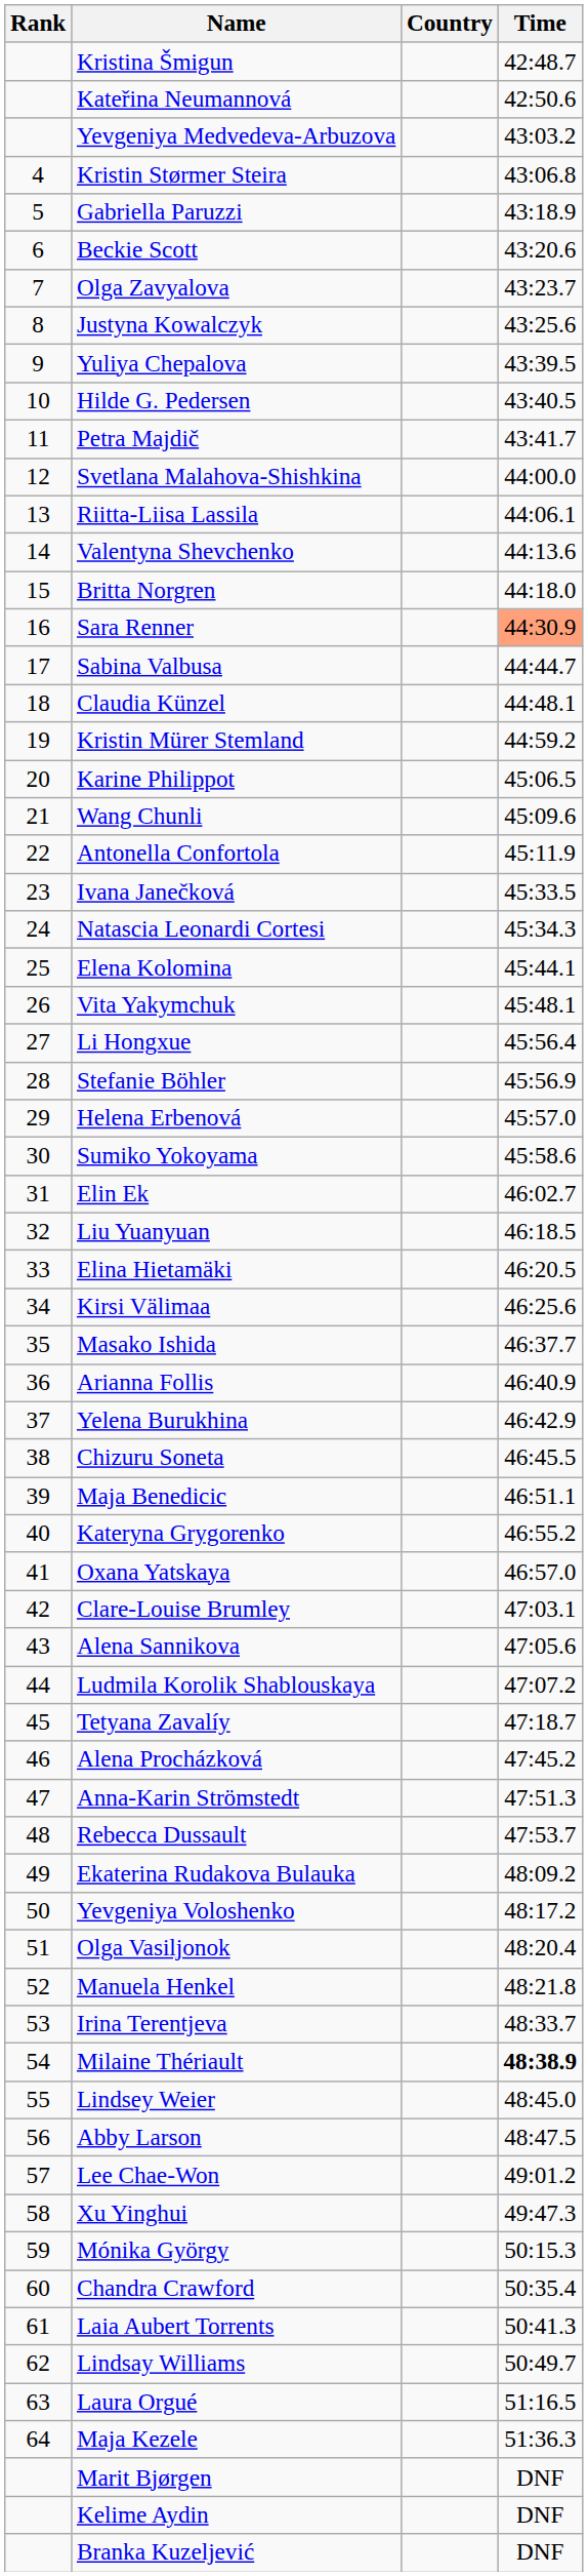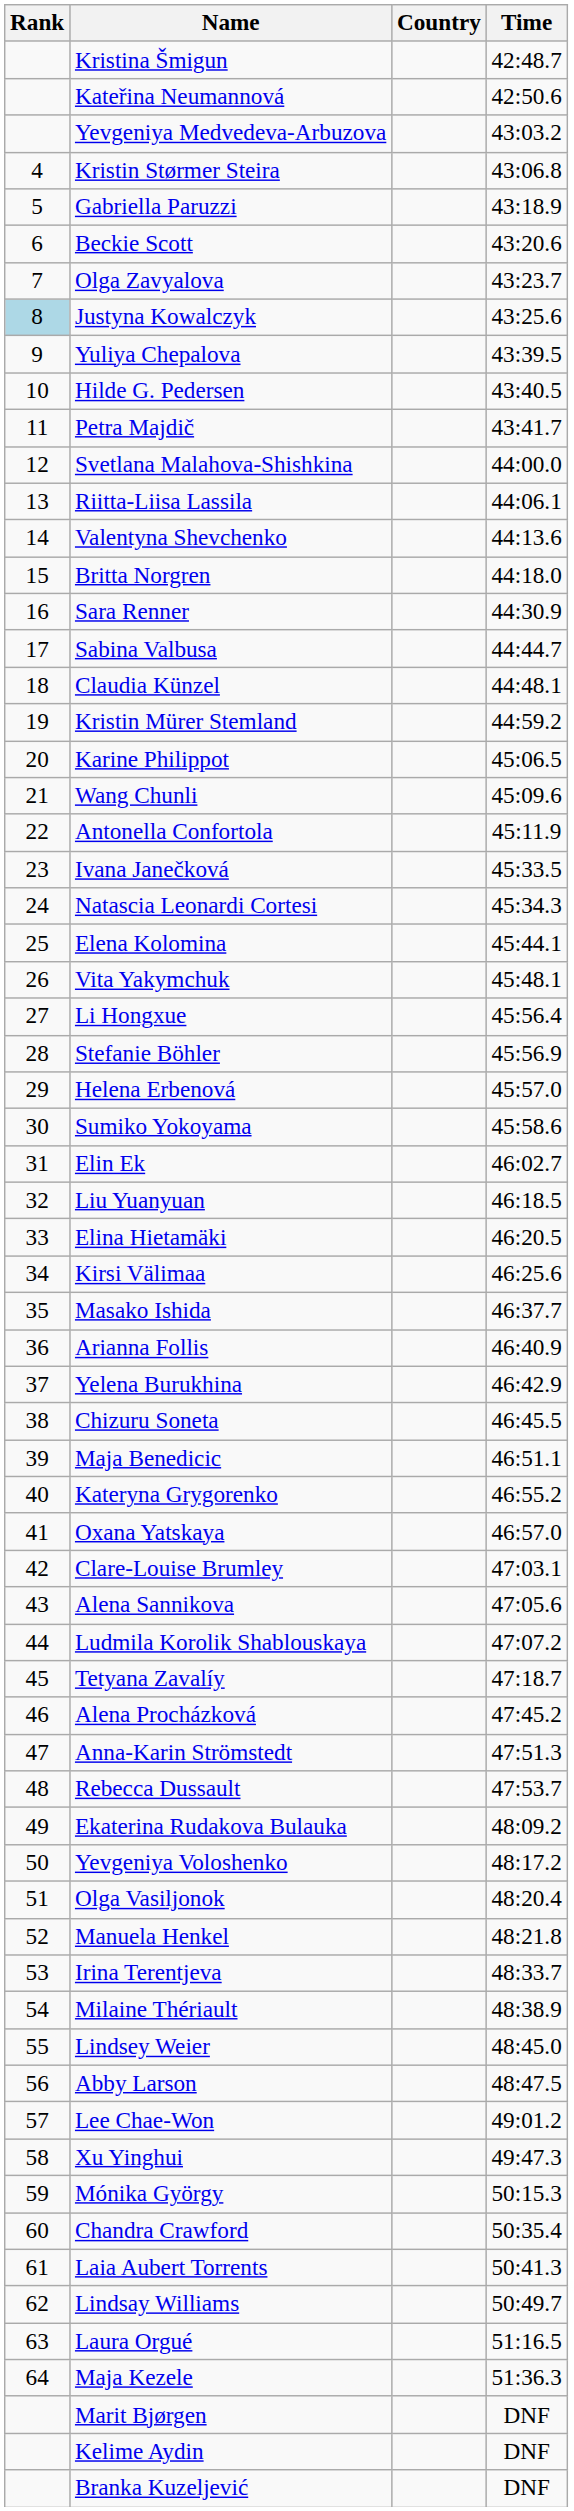 <table class="wikitable sortable" style="text-align:center">
 <tr>
 <th>Rank</th>
 <th>Name</th>
 <th>Country</th>
 <th>Time</th>
 </tr>
 <tr>
 <td></td>
 <td align="left"><a href='#'>Kristina Šmigun</a></td>
 <td align="left"></td>
 <td>42:48.7</td>
 </tr>
 <tr>
 <td></td>
 <td align="left"><a href='#'>Kateřina Neumannová</a></td>
 <td align="left"></td>
 <td>42:50.6</td>
 </tr>
 <tr>
 <td></td>
 <td align="left"><a href='#'>Yevgeniya Medvedeva-Arbuzova</a></td>
 <td align="left"></td>
 <td>43:03.2</td>
 </tr>
 <tr>
 <td>4</td>
 <td align="left"><a href='#'>Kristin Størmer Steira</a></td>
 <td align="left"></td>
 <td>43:06.8</td>
 </tr>
 <tr>
 <td>5</td>
 <td align="left"><a href='#'>Gabriella Paruzzi</a></td>
 <td align="left"></td>
 <td>43:18.9</td>
 </tr>
 <tr>
 <td>6</td>
 <td align="left"><a href='#'>Beckie Scott</a></td>
 <td align="left"></td>
 <td>43:20.6</td>
 </tr>
 <tr>
 <td>7</td>
 <td align="left"><a href='#'>Olga Zavyalova</a></td>
 <td align="left"></td>
 <td>43:23.7</td>
 </tr>
 <tr>
-<td>8</td>
+<td style="background: lightblue;">8</td>
 <td align="left"><a href='#'>Justyna Kowalczyk</a></td>
 <td align="left"></td>
 <td>43:25.6</td>
 </tr>
 <tr>
 <td>9</td>
 <td align="left"><a href='#'>Yuliya Chepalova</a></td>
 <td align="left"></td>
 <td>43:39.5</td>
 </tr>
 <tr>
 <td>10</td>
 <td align="left"><a href='#'>Hilde G. Pedersen</a></td>
 <td align="left"></td>
 <td>43:40.5</td>
 </tr>
 <tr>
 <td>11</td>
 <td align="left"><a href='#'>Petra Majdič</a></td>
 <td align="left"></td>
 <td>43:41.7</td>
 </tr>
 <tr>
 <td>12</td>
 <td align="left"><a href='#'>Svetlana Malahova-Shishkina</a></td>
 <td align="left"></td>
 <td>44:00.0</td>
 </tr>
 <tr>
 <td>13</td>
 <td align="left"><a href='#'>Riitta-Liisa Lassila</a></td>
 <td align="left"></td>
 <td>44:06.1</td>
 </tr>
 <tr>
 <td>14</td>
 <td align="left"><a href='#'>Valentyna Shevchenko</a></td>
 <td align="left"></td>
 <td>44:13.6</td>
 </tr>
 <tr>
 <td>15</td>
 <td align="left"><a href='#'>Britta Norgren</a></td>
 <td align="left"></td>
 <td>44:18.0</td>
 </tr>
 <tr>
 <td>16</td>
 <td align="left"><a href='#'>Sara Renner</a></td>
 <td align="left"></td>
-<td style="background: lightsalmon;">44:30.9</td>
+<td>44:30.9</td>
 </tr>
 <tr>
 <td>17</td>
 <td align="left"><a href='#'>Sabina Valbusa</a></td>
 <td align="left"></td>
 <td>44:44.7</td>
 </tr>
 <tr>
 <td>18</td>
 <td align="left"><a href='#'>Claudia Künzel</a></td>
 <td align="left"></td>
 <td>44:48.1</td>
 </tr>
 <tr>
 <td>19</td>
 <td align="left"><a href='#'>Kristin Mürer Stemland</a></td>
 <td align="left"></td>
 <td>44:59.2</td>
 </tr>
 <tr>
 <td>20</td>
 <td align="left"><a href='#'>Karine Philippot</a></td>
 <td align="left"></td>
 <td>45:06.5</td>
 </tr>
 <tr>
 <td>21</td>
 <td align="left"><a href='#'>Wang Chunli</a></td>
 <td align="left"></td>
 <td>45:09.6</td>
 </tr>
 <tr>
 <td>22</td>
 <td align="left"><a href='#'>Antonella Confortola</a></td>
 <td align="left"></td>
 <td>45:11.9</td>
 </tr>
 <tr>
 <td>23</td>
 <td align="left"><a href='#'>Ivana Janečková</a></td>
 <td align="left"></td>
 <td>45:33.5</td>
 </tr>
 <tr>
 <td>24</td>
 <td align="left"><a href='#'>Natascia Leonardi Cortesi</a></td>
 <td align="left"></td>
 <td>45:34.3</td>
 </tr>
 <tr>
 <td>25</td>
 <td align="left"><a href='#'>Elena Kolomina</a></td>
 <td align="left"></td>
 <td>45:44.1</td>
 </tr>
 <tr>
 <td>26</td>
 <td align="left"><a href='#'>Vita Yakymchuk</a></td>
 <td align="left"></td>
 <td>45:48.1</td>
 </tr>
 <tr>
 <td>27</td>
 <td align="left"><a href='#'>Li Hongxue</a></td>
 <td align="left"></td>
 <td>45:56.4</td>
 </tr>
 <tr>
 <td>28</td>
 <td align="left"><a href='#'>Stefanie Böhler</a></td>
 <td align="left"></td>
 <td>45:56.9</td>
 </tr>
 <tr>
 <td>29</td>
 <td align="left"><a href='#'>Helena Erbenová</a></td>
 <td align="left"></td>
 <td>45:57.0</td>
 </tr>
 <tr>
 <td>30</td>
 <td align="left"><a href='#'>Sumiko Yokoyama</a></td>
 <td align="left"></td>
 <td>45:58.6</td>
 </tr>
 <tr>
 <td>31</td>
 <td align="left"><a href='#'>Elin Ek</a></td>
 <td align="left"></td>
 <td>46:02.7</td>
 </tr>
 <tr>
 <td>32</td>
 <td align="left"><a href='#'>Liu Yuanyuan</a></td>
 <td align="left"></td>
 <td>46:18.5</td>
 </tr>
 <tr>
 <td>33</td>
 <td align="left"><a href='#'>Elina Hietamäki</a></td>
 <td align="left"></td>
 <td>46:20.5</td>
 </tr>
 <tr>
 <td>34</td>
 <td align="left"><a href='#'>Kirsi Välimaa</a></td>
 <td align="left"></td>
 <td>46:25.6</td>
 </tr>
 <tr>
 <td>35</td>
 <td align="left"><a href='#'>Masako Ishida</a></td>
 <td align="left"></td>
 <td>46:37.7</td>
 </tr>
 <tr>
 <td>36</td>
 <td align="left"><a href='#'>Arianna Follis</a></td>
 <td align="left"></td>
 <td>46:40.9</td>
 </tr>
 <tr>
 <td>37</td>
 <td align="left"><a href='#'>Yelena Burukhina</a></td>
 <td align="left"></td>
 <td>46:42.9</td>
 </tr>
 <tr>
 <td>38</td>
 <td align="left"><a href='#'>Chizuru Soneta</a></td>
 <td align="left"></td>
 <td>46:45.5</td>
 </tr>
 <tr>
 <td>39</td>
 <td align="left"><a href='#'>Maja Benedicic</a></td>
 <td align="left"></td>
 <td>46:51.1</td>
 </tr>
 <tr>
 <td>40</td>
 <td align="left"><a href='#'>Kateryna Grygorenko</a></td>
 <td align="left"></td>
 <td>46:55.2</td>
 </tr>
 <tr>
 <td>41</td>
 <td align="left"><a href='#'>Oxana Yatskaya</a></td>
 <td align="left"></td>
 <td>46:57.0</td>
 </tr>
 <tr>
 <td>42</td>
 <td align="left"><a href='#'>Clare-Louise Brumley</a></td>
 <td align="left"></td>
 <td>47:03.1</td>
 </tr>
 <tr>
 <td>43</td>
 <td align="left"><a href='#'>Alena Sannikova</a></td>
 <td align="left"></td>
 <td>47:05.6</td>
 </tr>
 <tr>
 <td>44</td>
 <td align="left"><a href='#'>Ludmila Korolik Shablouskaya</a></td>
 <td align="left"></td>
 <td>47:07.2</td>
 </tr>
 <tr>
 <td>45</td>
 <td align="left"><a href='#'>Tetyana Zavalíy</a></td>
 <td align="left"></td>
 <td>47:18.7</td>
 </tr>
 <tr>
 <td>46</td>
 <td align="left"><a href='#'>Alena Procházková</a></td>
 <td align="left"></td>
 <td>47:45.2</td>
 </tr>
 <tr>
 <td>47</td>
 <td align="left"><a href='#'>Anna-Karin Strömstedt</a></td>
 <td align="left"></td>
 <td>47:51.3</td>
 </tr>
 <tr>
 <td>48</td>
 <td align="left"><a href='#'>Rebecca Dussault</a></td>
 <td align="left"></td>
 <td>47:53.7</td>
 </tr>
 <tr>
 <td>49</td>
 <td align="left"><a href='#'>Ekaterina Rudakova Bulauka</a></td>
 <td align="left"></td>
 <td>48:09.2</td>
 </tr>
 <tr>
 <td>50</td>
 <td align="left"><a href='#'>Yevgeniya Voloshenko</a></td>
 <td align="left"></td>
 <td>48:17.2</td>
 </tr>
 <tr>
 <td>51</td>
 <td align="left"><a href='#'>Olga Vasiljonok</a></td>
 <td align="left"></td>
 <td>48:20.4</td>
 </tr>
 <tr>
 <td>52</td>
 <td align="left"><a href='#'>Manuela Henkel</a></td>
 <td align="left"></td>
 <td>48:21.8</td>
 </tr>
 <tr>
 <td>53</td>
 <td align="left"><a href='#'>Irina Terentjeva</a></td>
 <td align="left"></td>
 <td>48:33.7</td>
 </tr>
 <tr>
 <td>54</td>
 <td align="left"><a href='#'>Milaine Thériault</a></td>
 <td align="left"></td>
-<td><strong>48:38.9</strong></td>
+<td>48:38.9</td>
 </tr>
 <tr>
 <td>55</td>
 <td align="left"><a href='#'>Lindsey Weier</a></td>
 <td align="left"></td>
 <td>48:45.0</td>
 </tr>
 <tr>
 <td>56</td>
 <td align="left"><a href='#'>Abby Larson</a></td>
 <td align="left"></td>
 <td>48:47.5</td>
 </tr>
 <tr>
 <td>57</td>
 <td align="left"><a href='#'>Lee Chae-Won</a></td>
 <td align="left"></td>
 <td>49:01.2</td>
 </tr>
 <tr>
 <td>58</td>
 <td align="left"><a href='#'>Xu Yinghui</a></td>
 <td align="left"></td>
 <td>49:47.3</td>
 </tr>
 <tr>
 <td>59</td>
 <td align="left"><a href='#'>Mónika György</a></td>
 <td align="left"></td>
 <td>50:15.3</td>
 </tr>
 <tr>
 <td>60</td>
 <td align="left"><a href='#'>Chandra Crawford</a></td>
 <td align="left"></td>
 <td>50:35.4</td>
 </tr>
 <tr>
 <td>61</td>
 <td align="left"><a href='#'>Laia Aubert Torrents</a></td>
 <td align="left"></td>
 <td>50:41.3</td>
 </tr>
 <tr>
 <td>62</td>
 <td align="left"><a href='#'>Lindsay Williams</a></td>
 <td align="left"></td>
 <td>50:49.7</td>
 </tr>
 <tr>
 <td>63</td>
 <td align="left"><a href='#'>Laura Orgué</a></td>
 <td align="left"></td>
 <td>51:16.5</td>
 </tr>
 <tr>
 <td>64</td>
 <td align="left"><a href='#'>Maja Kezele</a></td>
 <td align="left"></td>
 <td>51:36.3</td>
 </tr>
 <tr>
 <td></td>
 <td align="left"><a href='#'>Marit Bjørgen</a></td>
 <td align="left"></td>
 <td>DNF</td>
 </tr>
 <tr>
 <td></td>
 <td align="left"><a href='#'>Kelime Aydin</a></td>
 <td align="left"></td>
 <td>DNF</td>
 </tr>
 <tr>
 <td></td>
 <td align="left"><a href='#'>Branka Kuzeljević</a></td>
 <td align="left"></td>
 <td>DNF</td>
 </tr>
 </table>
